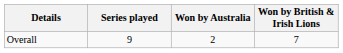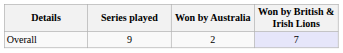 <table class="wikitable">
 <tr>
 <th width="125">Details</th>
 <th width="125">Series played</th>
 <th width="125">Won by Australia</th>
 <th width="125">Won by British & Irish Lions</th>
 </tr>
 <tr>
 <td>Overall</td>
 <td align="center">9</td>
 <td align="center">2</td>
-<td align="center">7</td>
+<td align="center" style="background: lavender;">7</td>
 </tr>
 </table>
